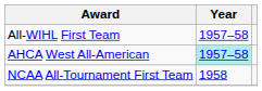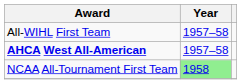 <table class="wikitable">
 <tr>
 <th>Award</th>
 <th>Year</th>
 <th></th>
 </tr>
 <tr>
 <td>All-<a href='#'>WIHL</a> <a href='#'>First Team</a></td>
 <td><a href='#'>1957–58</a></td>
 <td></td>
 </tr>
 <tr>
-<td><a href='#'>AHCA</a> <a href='#'>West All-American</a></td>
-<td style="background: paleturquoise;"><a href='#'>1957–58</a></td>
+<td><strong><a href='#'>AHCA</a> <a href='#'>West All-American</a></strong></td>
+<td><a href='#'>1957–58</a></td>
 <td></td>
 </tr>
 <tr>
 <td><a href='#'>NCAA</a> <a href='#'>All-Tournament First Team</a></td>
-<td><a href='#'>1958</a></td>
+<td style="background: lightgreen;"><a href='#'>1958</a></td>
 <td></td>
 </tr>
 <tr>
 </tr>
 </table>
